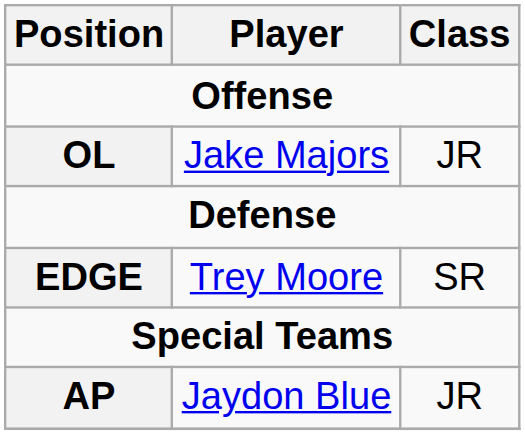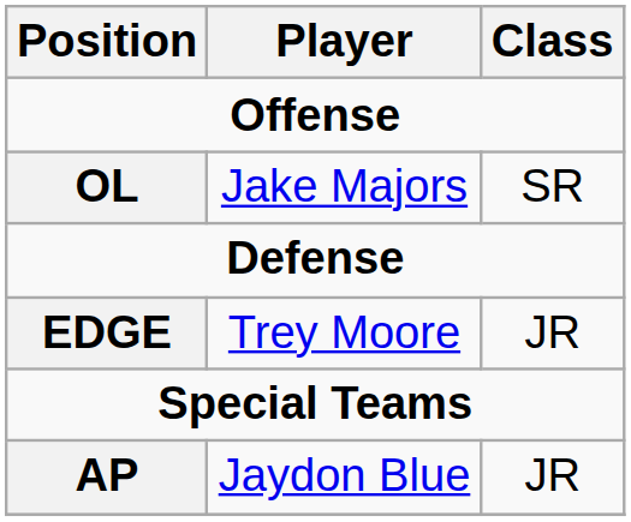 <table class="wikitable">
 <tr>
 <th>Position</th>
 <th>Player</th>
 <th>Class</th>
 </tr>
 <tr>
 <td colspan="4" style="text-align:center; "><strong>Offense</strong></td>
 </tr>
 <tr style="text-align:center;">
 <th rowspan="1">OL</th>
 <td><a href='#'>Jake Majors</a></td>
-<td>JR</td>
+<td>SR</td>
 </tr>
 <tr>
 <td colspan="4" style="text-align:center; "><strong>Defense</strong></td>
 </tr>
 <tr style="text-align:center;">
 <th rowspan="1">EDGE</th>
 <td><a href='#'>Trey Moore</a></td>
-<td>SR</td>
+<td>JR</td>
 </tr>
 <tr>
 <td colspan="4" style="text-align:center; "><strong>Special Teams</strong></td>
 </tr>
 <tr style="text-align:center;">
 <th rowspan="1">AP</th>
 <td><a href='#'>Jaydon Blue</a></td>
 <td>JR</td>
 </tr>
 <tr>
 </tr>
 </table>
